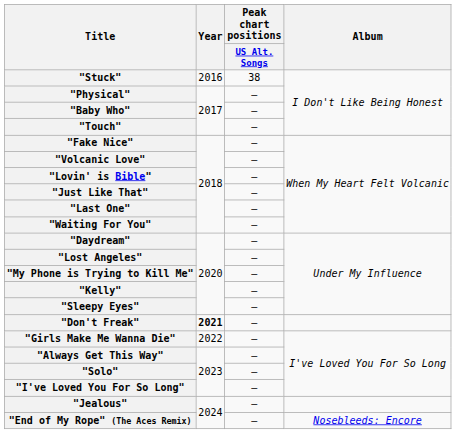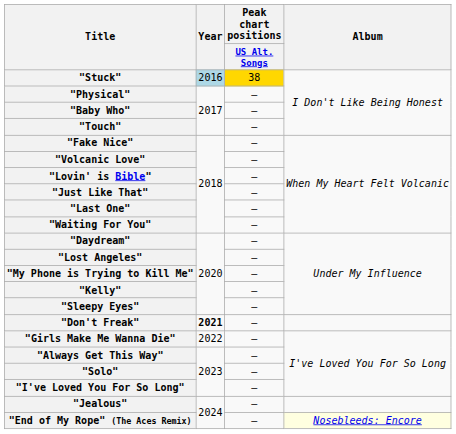 <table class="wikitable plainrowheaders" style="text-align:center;">
 <tr>
 <th scope="col" rowspan="2">Title</th>
 <th scope="col" rowspan="2">Year</th>
 <th scope="col" colspan="1">Peak chart positions</th>
 <th scope="col" rowspan="2">Album</th>
 </tr>
 <tr>
 <th scope="col" style="width:3em; font-size:90%;"><a href='#'>US Alt. Songs</a><br></th>
 </tr>
 <tr>
 <th scope="row">"Stuck"<br></th>
-<td>2016</td>
-<td>38</td>
+<td style="background: lightblue;">2016</td>
+<td style="background: gold;">38</td>
 <td rowspan="4"><em>I Don't Like Being Honest</em></td>
 </tr>
 <tr>
 <th scope="row">"Physical"</th>
 <td rowspan="3">2017</td>
 <td>—</td>
 </tr>
 <tr>
 <th scope="row">"Baby Who"</th>
 <td>—</td>
 </tr>
 <tr>
 <th scope="row">"Touch"</th>
 <td>—</td>
 </tr>
 <tr>
 <th scope="row">"Fake Nice"</th>
 <td rowspan="6">2018</td>
 <td>—</td>
 <td rowspan="6"><em>When My Heart Felt Volcanic</em></td>
 </tr>
 <tr>
 <th scope="row">"Volcanic Love"</th>
 <td>—</td>
 </tr>
 <tr>
 <th scope="row">"Lovin' is <a href='#'>Bible</a>"</th>
 <td>—</td>
 </tr>
 <tr>
 <th scope="row">"Just Like That"</th>
 <td>—</td>
 </tr>
 <tr>
 <th scope="row">"Last One"<br></th>
 <td>—</td>
 </tr>
 <tr>
 <th scope="row">"Waiting For You"</th>
 <td>—</td>
 </tr>
 <tr>
 <th scope="row">"Daydream"</th>
 <td rowspan="5">2020</td>
 <td>—</td>
 <td rowspan="5"><em>Under My Influence</em></td>
 </tr>
 <tr>
 <th scope="row">"Lost Angeles"</th>
 <td>—</td>
 </tr>
 <tr>
 <th scope="row">"My Phone is Trying to Kill Me"</th>
 <td>—</td>
 </tr>
 <tr>
 <th scope="row">"Kelly"</th>
 <td>—</td>
 </tr>
 <tr>
 <th scope="row">"Sleepy Eyes"</th>
 <td>—</td>
 </tr>
 <tr>
 <th scope="row">"Don't Freak"</th>
 <td><strong>2021</strong></td>
 <td>—</td>
 <td></td>
 </tr>
 <tr>
 <th scope="row">"Girls Make Me Wanna Die"</th>
 <td>2022</td>
 <td>—</td>
 <td rowspan="4"><em>I've Loved You For So Long</em></td>
 </tr>
 <tr>
 <th scope="row">"Always Get This Way"</th>
 <td rowspan="3">2023</td>
 <td>—</td>
 </tr>
 <tr>
 <th scope="row">"Solo"</th>
 <td>—</td>
 </tr>
 <tr>
 <th scope="row">"I've Loved You For So Long"</th>
 <td>—</td>
 </tr>
 <tr>
 <th scope="row">"Jealous"</th>
 <td rowspan="2">2024</td>
 <td>—</td>
 <td></td>
 </tr>
 <tr>
 <th scope="row">"End of My Rope" <small> (The Aces Remix)</small></th>
 <td>—</td>
-<td><em><a href='#'>Nosebleeds: Encore</a></em></td>
+<td style="background: lightyellow;"><em><a href='#'>Nosebleeds: Encore</a></em></td>
 </tr>
 </table>
